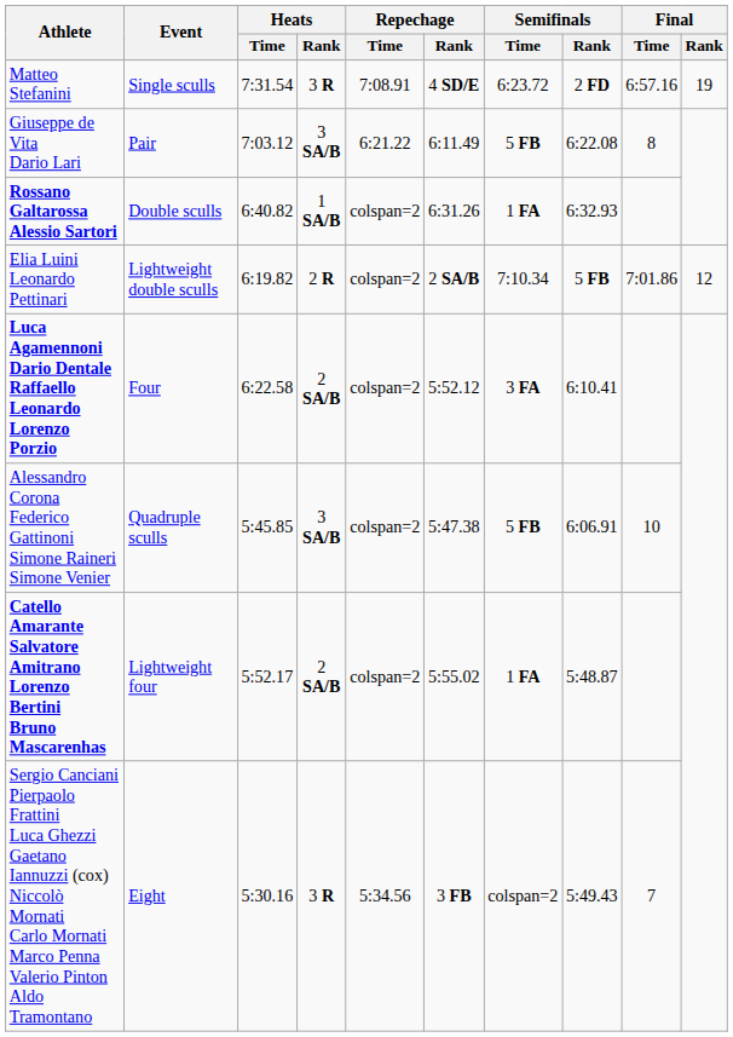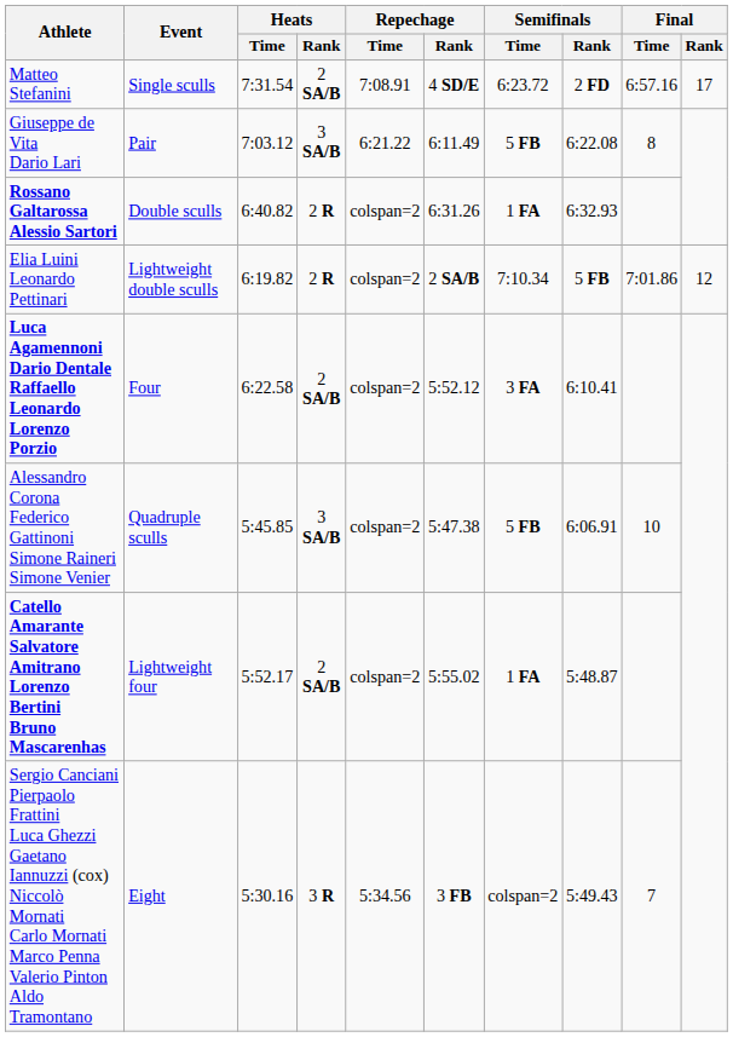 <table class="wikitable" style="font-size:90%;">
 <tr>
 <th rowspan="2">Athlete</th>
 <th rowspan="2">Event</th>
 <th colspan="2">Heats</th>
 <th colspan="2">Repechage</th>
 <th colspan="2">Semifinals</th>
 <th colspan="2">Final</th>
 </tr>
 <tr style="font-size:95%">
 <th>Time</th>
 <th>Rank</th>
 <th>Time</th>
 <th>Rank</th>
 <th>Time</th>
 <th>Rank</th>
 <th>Time</th>
 <th>Rank</th>
 </tr>
 <tr align=center>
 <td align=left><a href='#'>Matteo Stefanini</a></td>
 <td align=left><a href='#'>Single sculls</a></td>
 <td>7:31.54</td>
-<td>3 <strong>R</strong></td>
+<td>2 <strong>SA/B</strong></td>
 <td>7:08.91</td>
 <td>4 <strong>SD/E</strong></td>
 <td>6:23.72</td>
 <td>2 <strong>FD</strong></td>
 <td>6:57.16</td>
-<td>19</td>
+<td>17</td>
 </tr>
 <tr align=center>
 <td align=left><a href='#'>Giuseppe de Vita</a><br><a href='#'>Dario Lari</a></td>
 <td align=left><a href='#'>Pair</a></td>
 <td>7:03.12</td>
 <td>3 <strong>SA/B</strong></td>
 <td>6:21.22</td>
 <td>6:11.49</td>
 <td>5 <strong>FB</strong></td>
 <td>6:22.08</td>
 <td>8</td>
 </tr>
 <tr align=center>
 <td align=left><strong><a href='#'>Rossano Galtarossa</a><br><a href='#'>Alessio Sartori</a></strong></td>
 <td align=left><a href='#'>Double sculls</a></td>
 <td>6:40.82</td>
-<td>1 <strong>SA/B</strong></td>
+<td>2 <strong>R</strong></td>
 <td>colspan=2 </td>
 <td>6:31.26</td>
 <td>1 <strong>FA</strong></td>
 <td>6:32.93</td>
 <td></td>
 </tr>
 <tr align=center>
 <td align=left><a href='#'>Elia Luini</a><br><a href='#'>Leonardo Pettinari</a></td>
 <td align=left><a href='#'>Lightweight double sculls</a></td>
 <td>6:19.82</td>
 <td>2 <strong>R</strong></td>
 <td>colspan=2 </td>
 <td>2 <strong>SA/B</strong></td>
 <td>7:10.34</td>
 <td>5 <strong>FB</strong></td>
 <td>7:01.86</td>
 <td>12</td>
 </tr>
 <tr align=center>
 <td align=left><strong><a href='#'>Luca Agamennoni</a><br><a href='#'>Dario Dentale</a><br><a href='#'>Raffaello Leonardo</a><br><a href='#'>Lorenzo Porzio</a></strong></td>
 <td align=left><a href='#'>Four</a></td>
 <td>6:22.58</td>
 <td>2 <strong>SA/B</strong></td>
 <td>colspan=2 </td>
 <td>5:52.12</td>
 <td>3 <strong>FA</strong></td>
 <td>6:10.41</td>
 <td></td>
 </tr>
 <tr align=center>
 <td align=left><a href='#'>Alessandro Corona</a><br><a href='#'>Federico Gattinoni</a><br><a href='#'>Simone Raineri</a><br><a href='#'>Simone Venier</a></td>
 <td align=left><a href='#'>Quadruple sculls</a></td>
 <td>5:45.85</td>
 <td>3 <strong>SA/B</strong></td>
 <td>colspan=2 </td>
 <td>5:47.38</td>
 <td>5 <strong>FB</strong></td>
 <td>6:06.91</td>
 <td>10</td>
 </tr>
 <tr align=center>
 <td align=left><strong><a href='#'>Catello Amarante</a><br><a href='#'>Salvatore Amitrano</a><br><a href='#'>Lorenzo Bertini</a><br><a href='#'>Bruno Mascarenhas</a></strong></td>
 <td align=left><a href='#'>Lightweight four</a></td>
 <td>5:52.17</td>
 <td>2 <strong>SA/B</strong></td>
 <td>colspan=2 </td>
 <td>5:55.02</td>
 <td>1 <strong>FA</strong></td>
 <td>5:48.87</td>
 <td></td>
 </tr>
 <tr align=center>
 <td align=left><a href='#'>Sergio Canciani</a><br><a href='#'>Pierpaolo Frattini</a><br><a href='#'>Luca Ghezzi</a><br><a href='#'>Gaetano Iannuzzi</a> (cox)<br><a href='#'>Niccolò Mornati</a><br><a href='#'>Carlo Mornati</a><br><a href='#'>Marco Penna</a><br><a href='#'>Valerio Pinton</a><br><a href='#'>Aldo Tramontano</a></td>
 <td align=left><a href='#'>Eight</a></td>
 <td>5:30.16</td>
 <td>3 <strong>R</strong></td>
 <td>5:34.56</td>
 <td>3 <strong>FB</strong></td>
 <td>colspan=2 </td>
 <td>5:49.43</td>
 <td>7</td>
 </tr>
 </table>
